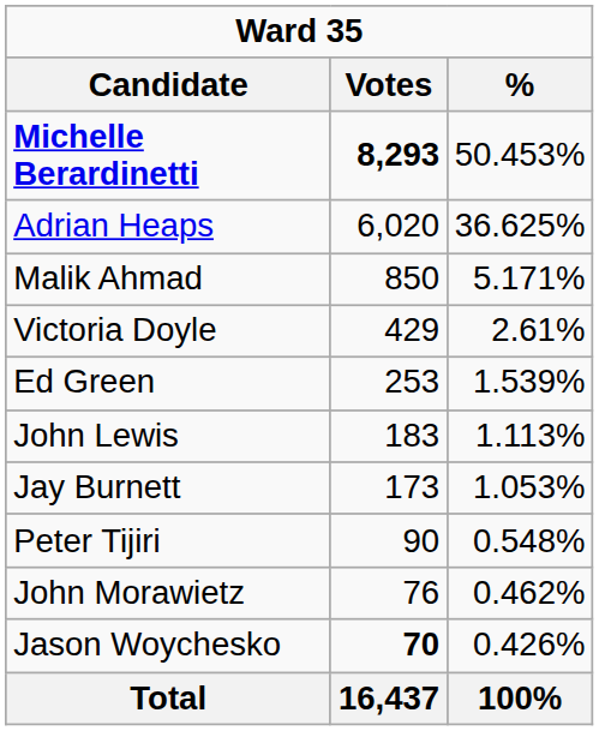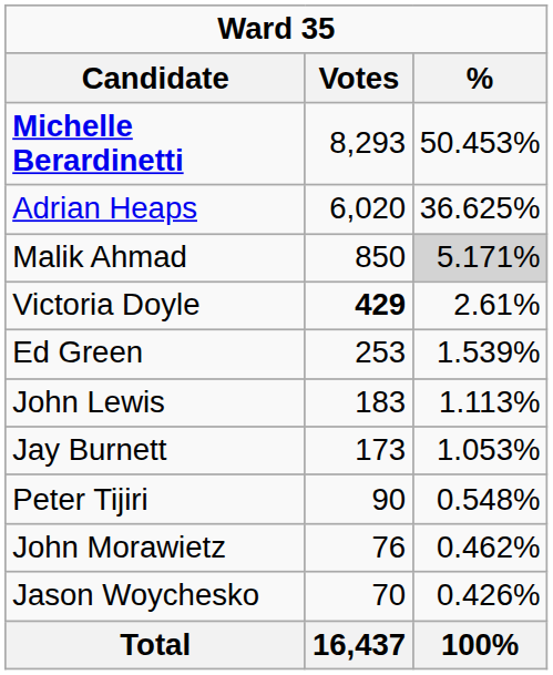 <table class="wikitable">
 <tr>
 <td Colspan="3" align="center"><strong>Ward 35</strong></td>
 </tr>
 <tr>
 <th bgcolor="#DDDDFF" width="150px">Candidate</th>
 <th bgcolor="#DDDDFF">Votes</th>
 <th bgcolor="#DDDDFF">%</th>
 </tr>
 <tr>
 <td><strong><a href='#'>Michelle Berardinetti</a></strong></td>
-<td align=right><strong>8,293</strong></td>
+<td align=right>8,293</td>
 <td align=right>50.453%</td>
 </tr>
 <tr>
 <td><a href='#'>Adrian Heaps</a></td>
 <td align=right>6,020</td>
 <td align=right>36.625%</td>
 </tr>
 <tr>
 <td>Malik Ahmad</td>
 <td align=right>850</td>
-<td align=right>5.171%</td>
+<td align=right style="background: lightgrey;">5.171%</td>
 </tr>
 <tr>
 <td>Victoria Doyle</td>
-<td align=right>429</td>
+<td align=right><strong>429</strong></td>
 <td align=right>2.61%</td>
 </tr>
 <tr>
 <td>Ed Green</td>
 <td align=right>253</td>
 <td align=right>1.539%</td>
 </tr>
 <tr>
 <td>John Lewis</td>
 <td align=right>183</td>
 <td align=right>1.113%</td>
 </tr>
 <tr>
 <td>Jay Burnett</td>
 <td align=right>173</td>
 <td align=right>1.053%</td>
 </tr>
 <tr>
 <td>Peter Tijiri</td>
 <td align=right>90</td>
 <td align=right>0.548%</td>
 </tr>
 <tr>
 <td>John Morawietz</td>
 <td align=right>76</td>
 <td align=right>0.462%</td>
 </tr>
 <tr>
 <td>Jason Woychesko</td>
-<td align=right><strong>70</strong></td>
+<td align=right>70</td>
 <td align=right>0.426%</td>
 </tr>
 <tr>
 <th>Total</th>
 <th align=right>16,437</th>
 <th align=right>100%</th>
 </tr>
 </table>
